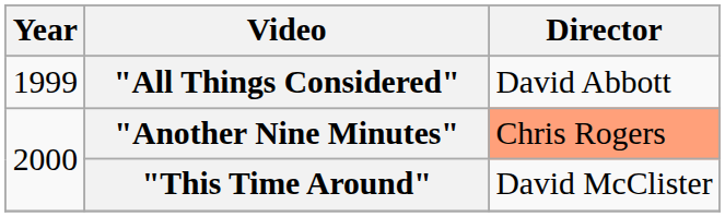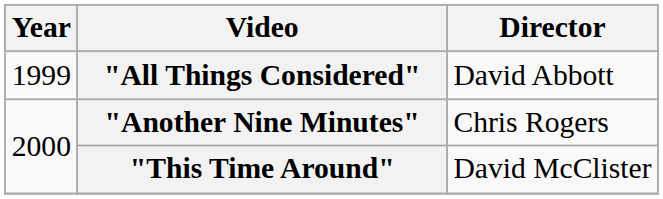 <table class="wikitable plainrowheaders">
 <tr>
 <th>Year</th>
 <th style="width:12em;">Video</th>
 <th>Director</th>
 </tr>
 <tr>
 <td>1999</td>
 <th scope="row">"All Things Considered"</th>
 <td>David Abbott</td>
 </tr>
 <tr>
 <td rowspan="2">2000</td>
 <th scope="row">"Another Nine Minutes"</th>
-<td style="background: lightsalmon;">Chris Rogers</td>
+<td>Chris Rogers</td>
 </tr>
 <tr>
 <th scope="row">"This Time Around"</th>
 <td>David McClister</td>
 </tr>
 <tr>
 </tr>
 </table>
